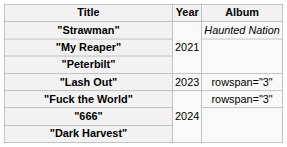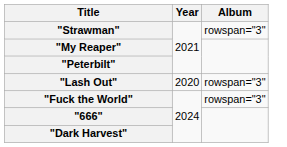 <table class="wikitable plainrowheaders" style="text-align:center;">
 <tr>
 <th scope="col" style="width:15em;">Title</th>
 <th scope="col">Year</th>
 <th scope="col">Album</th>
 </tr>
 <tr>
 <th scope="row">"Strawman"<br></th>
 <td rowspan="3">2021</td>
-<td><em>Haunted Nation</em></td>
+<td>rowspan="3" </td>
 </tr>
 <tr>
 <th scope="row">"My Reaper"<br></th>
 </tr>
 <tr>
 <th scope="row">"Peterbilt"<br></th>
 </tr>
 <tr>
 <th scope="row">"Lash Out"<br></th>
-<td>2023</td>
+<td>2020</td>
 <td>rowspan="3" </td>
 </tr>
 <tr>
 <th scope="row">"Fuck the World"<br></th>
 <td rowspan="3">2024</td>
 <td>rowspan="3" </td>
 </tr>
 <tr>
 <th scope="row">"666"<br></th>
 </tr>
 <tr>
 <th scope="row">"Dark Harvest"<br></th>
 </tr>
 </table>
